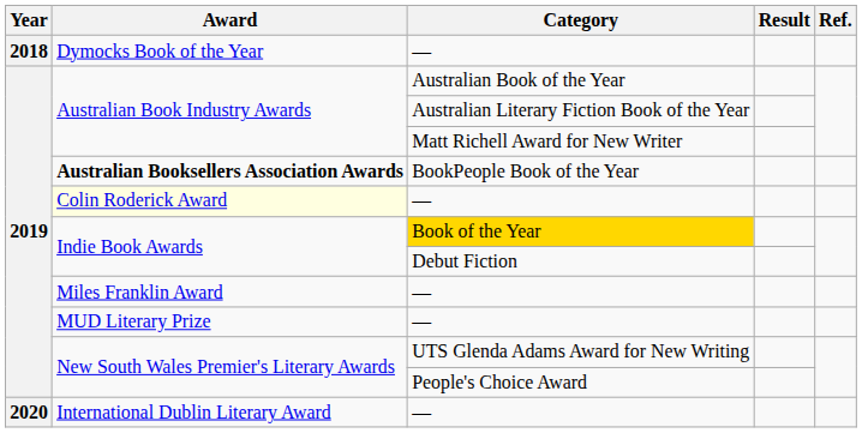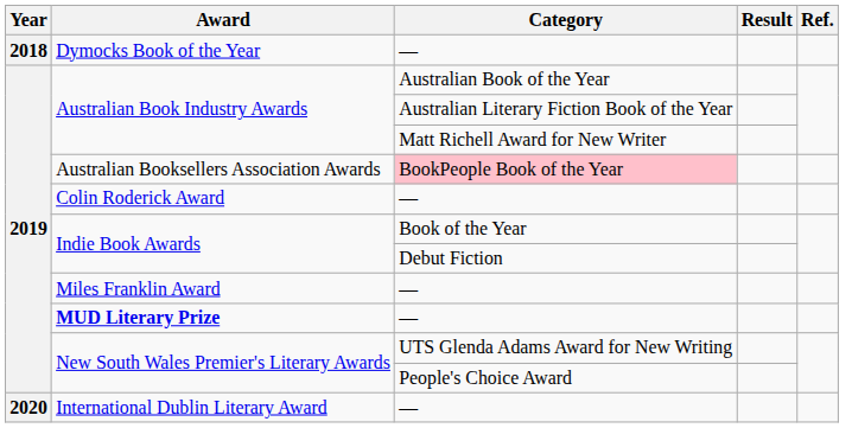 <table class="wikitable sortable">
 <tr>
 <th>Year</th>
 <th>Award</th>
 <th>Category</th>
 <th>Result</th>
 <th>Ref.</th>
 </tr>
 <tr>
 <th>2018</th>
 <td><a href='#'>Dymocks Book of the Year</a></td>
 <td>—</td>
 <td></td>
 <td></td>
 </tr>
 <tr>
 <th rowspan=11>2019</th>
 <td rowspan="3"><a href='#'>Australian Book Industry Awards</a></td>
 <td>Australian Book of the Year</td>
 <td></td>
 <td rowspan="3"></td>
 </tr>
 <tr>
 <td>Australian Literary Fiction Book of the Year</td>
 <td></td>
 </tr>
 <tr>
 <td>Matt Richell Award for New Writer</td>
 <td></td>
 </tr>
 <tr>
-<td><strong>Australian Booksellers Association Awards</strong></td>
-<td>BookPeople Book of the Year</td>
+<td>Australian Booksellers Association Awards</td>
+<td style="background: pink;">BookPeople Book of the Year</td>
 <td></td>
 <td></td>
 </tr>
 <tr>
-<td style="background: lightyellow;"><a href='#'>Colin Roderick Award</a></td>
+<td><a href='#'>Colin Roderick Award</a></td>
 <td>—</td>
 <td></td>
 <td></td>
 </tr>
 <tr>
 <td rowspan="2"><a href='#'>Indie Book Awards</a></td>
-<td style="background: gold;">Book of the Year</td>
+<td>Book of the Year</td>
 <td></td>
 <td rowspan="2"></td>
 </tr>
 <tr>
 <td>Debut Fiction</td>
 <td></td>
 </tr>
 <tr>
 <td><a href='#'>Miles Franklin Award</a></td>
 <td>—</td>
 <td></td>
 <td></td>
 </tr>
 <tr>
-<td><a href='#'>MUD Literary Prize</a></td>
+<td><strong><a href='#'>MUD Literary Prize</a></strong></td>
 <td>—</td>
 <td></td>
 <td></td>
 </tr>
 <tr>
 <td rowspan="2"><a href='#'>New South Wales Premier's Literary Awards</a></td>
 <td>UTS Glenda Adams Award for New Writing</td>
 <td></td>
 <td rowspan="2"></td>
 </tr>
 <tr>
 <td>People's Choice Award</td>
 <td></td>
 </tr>
 <tr>
 <th>2020</th>
 <td><a href='#'>International Dublin Literary Award</a></td>
 <td>—</td>
 <td></td>
 <td></td>
 </tr>
 </table>
